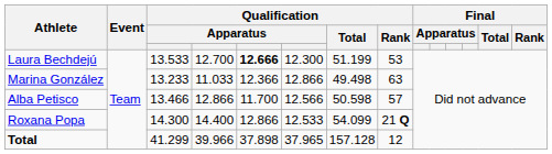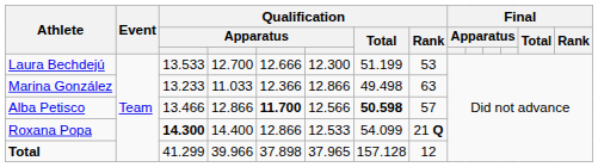 <table class="wikitable" style="font-size:90%">
 <tr>
 <th rowspan=3>Athlete</th>
 <th rowspan=3>Event</th>
 <th colspan=6>Qualification</th>
 <th colspan=6>Final</th>
 </tr>
 <tr style="font-size:95%">
 <th colspan=4>Apparatus</th>
 <th rowspan=2>Total</th>
 <th rowspan=2>Rank</th>
 <th colspan=4>Apparatus</th>
 <th rowspan=2>Total</th>
 <th rowspan=2>Rank</th>
 </tr>
 <tr style="font-size:95%">
 <th></th>
 <th></th>
 <th></th>
 <th></th>
 <th></th>
 <th></th>
 <th></th>
 <th></th>
 </tr>
 <tr align=center>
 <td align=left><a href='#'>Laura Bechdejú</a></td>
 <td align=left rowspan=5><a href='#'>Team</a></td>
 <td>13.533</td>
 <td>12.700</td>
-<td><strong>12.666</strong></td>
+<td>12.666</td>
 <td>12.300</td>
 <td>51.199</td>
 <td>53</td>
 <td colspan=6 rowspan=5>Did not advance</td>
 </tr>
 <tr align=center>
 <td align=left><a href='#'>Marina González</a></td>
 <td>13.233</td>
 <td>11.033</td>
 <td>12.366</td>
 <td>12.866</td>
 <td>49.498</td>
 <td>63</td>
 </tr>
 <tr align=center>
 <td align=left><a href='#'>Alba Petisco</a></td>
 <td>13.466</td>
 <td>12.866</td>
-<td>11.700</td>
+<td><strong>11.700</strong></td>
 <td>12.566</td>
-<td>50.598</td>
+<td><strong>50.598</strong></td>
 <td>57</td>
 </tr>
 <tr align=center>
 <td align=left><a href='#'>Roxana Popa</a></td>
-<td>14.300</td>
+<td><strong>14.300</strong></td>
 <td>14.400</td>
 <td>12.866</td>
 <td>12.533</td>
 <td>54.099</td>
 <td>21 <strong>Q</strong></td>
 </tr>
 <tr align=center>
 <td align=left><strong>Total</strong></td>
 <td>41.299</td>
 <td>39.966</td>
 <td>37.898</td>
 <td>37.965</td>
 <td>157.128</td>
 <td>12</td>
 </tr>
 </table>
